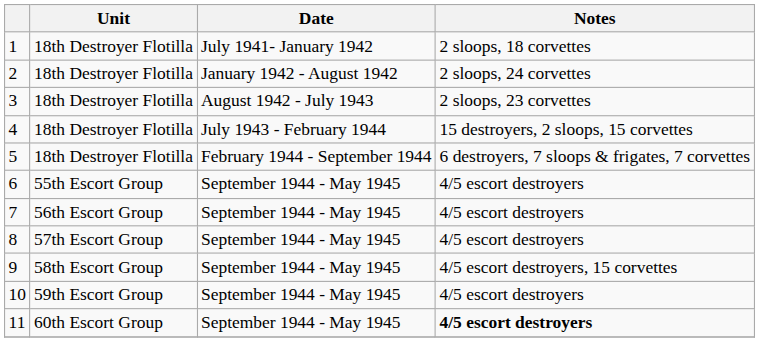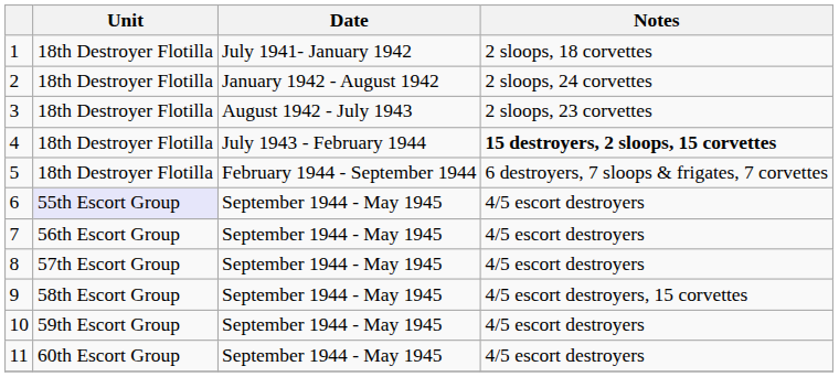 <table class=wikitable>
 <tr>
 <th></th>
 <th>Unit</th>
 <th>Date</th>
 <th>Notes</th>
 </tr>
 <tr>
 <td>1</td>
 <td>18th Destroyer Flotilla</td>
 <td>July 1941- January 1942</td>
 <td>2 sloops, 18 corvettes  </td>
 </tr>
 <tr>
 <td>2</td>
 <td>18th Destroyer Flotilla</td>
 <td>January 1942 - August 1942</td>
 <td>2 sloops, 24 corvettes </td>
 </tr>
 <tr>
 <td>3</td>
 <td>18th Destroyer Flotilla</td>
 <td>August 1942 - July 1943</td>
 <td>2 sloops, 23 corvettes </td>
 </tr>
 <tr>
 <td>4</td>
 <td>18th Destroyer Flotilla</td>
 <td>July 1943 - February 1944</td>
-<td>15 destroyers, 2 sloops, 15 corvettes </td>
+<td><strong>15 destroyers, 2 sloops, 15 corvettes </strong></td>
 </tr>
 <tr>
 <td>5</td>
 <td>18th Destroyer Flotilla</td>
 <td>February 1944 - September 1944</td>
 <td>6 destroyers, 7 sloops & frigates, 7 corvettes </td>
 </tr>
 <tr>
 <td>6</td>
-<td>55th Escort Group</td>
+<td style="background: lavender;">55th Escort Group</td>
 <td>September 1944 - May 1945</td>
 <td>4/5 escort destroyers  </td>
 </tr>
 <tr>
 <td>7</td>
 <td>56th Escort Group</td>
 <td>September 1944 - May 1945</td>
 <td>4/5 escort destroyers </td>
 </tr>
 <tr>
 <td>8</td>
 <td>57th Escort Group</td>
 <td>September 1944 - May 1945</td>
 <td>4/5 escort destroyers </td>
 </tr>
 <tr>
 <td>9</td>
 <td>58th Escort Group</td>
 <td>September 1944 - May 1945</td>
 <td>4/5 escort destroyers, 15 corvettes </td>
 </tr>
 <tr>
 <td>10</td>
 <td>59th Escort Group</td>
 <td>September 1944 - May 1945</td>
 <td>4/5 escort destroyers </td>
 </tr>
 <tr>
 <td>11</td>
 <td>60th Escort Group</td>
 <td>September 1944 - May 1945</td>
-<td><strong>4/5 escort destroyers </strong></td>
+<td>4/5 escort destroyers </td>
 </tr>
 <tr>
 </tr>
 </table>
